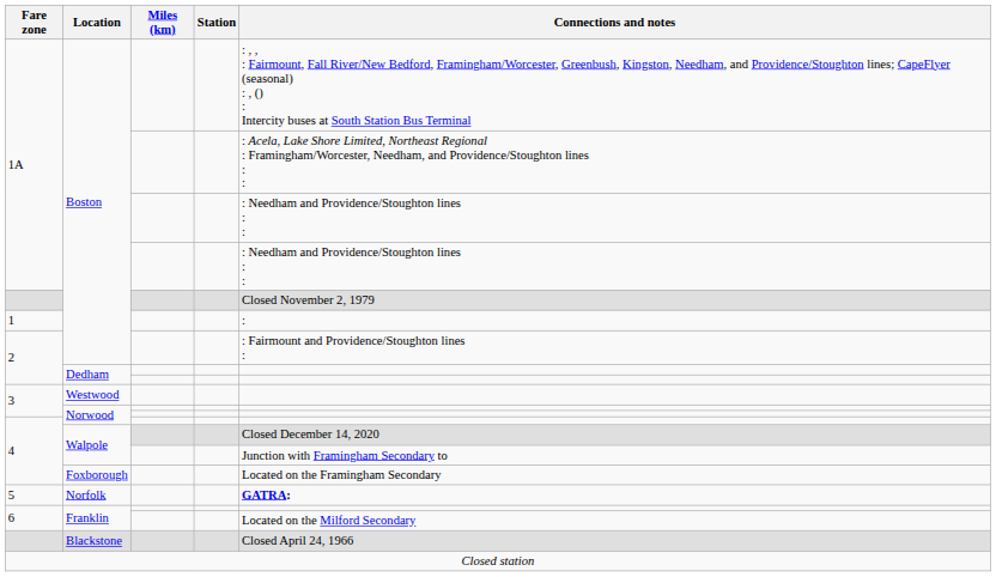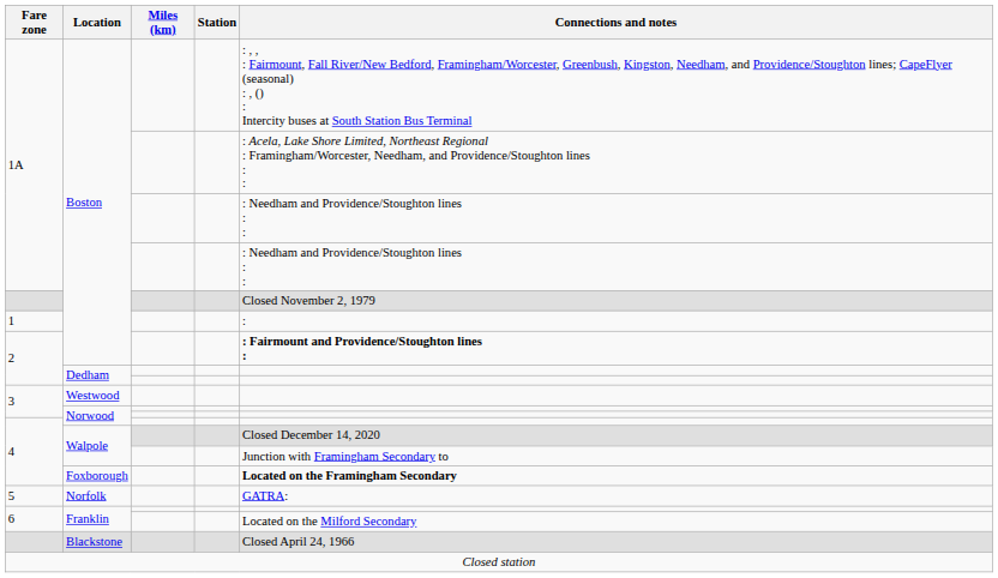 <table class="wikitable">
 <tr>
 <th>Fare zone</th>
 <th>Location</th>
 <th><a href='#'>Miles (km)</a></th>
 <th>Station</th>
 <th>Connections and notes</th>
 </tr>
 <tr>
 <td rowspan="4">1A</td>
 <td rowspan="7"><a href='#'>Boston</a></td>
 <td></td>
 <td> </td>
 <td>: , , <br>: <a href='#'>Fairmount</a>, <a href='#'>Fall River/New Bedford</a>, <a href='#'>Framingham/Worcester</a>, <a href='#'>Greenbush</a>, <a href='#'>Kingston</a>, <a href='#'>Needham</a>, and <a href='#'>Providence/Stoughton</a> lines; <a href='#'>CapeFlyer</a> (seasonal)<br>: ,  ()<br>: <br> Intercity buses at <a href='#'>South Station Bus Terminal</a></td>
 </tr>
 <tr>
 <td></td>
 <td> </td>
 <td>: <em>Acela</em>, <em>Lake Shore Limited</em>, <em>Northeast Regional</em><br>: Framingham/Worcester, Needham, and Providence/Stoughton lines<br>: <br>: </td>
 </tr>
 <tr>
 <td></td>
 <td> </td>
 <td>: Needham and Providence/Stoughton lines<br>: <br>: </td>
 </tr>
 <tr>
 <td></td>
 <td> </td>
 <td>: Needham and Providence/Stoughton lines<br>: <br>: </td>
 </tr>
 <tr bgcolor=dfdfdf>
 <td></td>
 <td></td>
 <td></td>
 <td>Closed November 2, 1979</td>
 </tr>
 <tr>
 <td>1</td>
 <td></td>
 <td> </td>
 <td>: </td>
 </tr>
 <tr>
 <td rowspan="3">2</td>
 <td></td>
 <td> </td>
-<td>: Fairmount and Providence/Stoughton lines<br>: </td>
+<td><strong>: Fairmount and Providence/Stoughton lines<br>: </strong></td>
 </tr>
 <tr>
 <td rowspan="2"><a href='#'>Dedham</a></td>
 <td></td>
 <td></td>
 <td></td>
 </tr>
 <tr>
 <td></td>
 <td> </td>
 <td></td>
 </tr>
 <tr>
 <td rowspan="3">3</td>
 <td><a href='#'>Westwood</a></td>
 <td></td>
 <td></td>
 <td></td>
 </tr>
 <tr>
 <td rowspan="3"><a href='#'>Norwood</a></td>
 <td></td>
 <td> </td>
 <td></td>
 </tr>
 <tr>
 <td></td>
 <td> </td>
 <td></td>
 </tr>
 <tr>
 <td rowspan="4">4</td>
 <td></td>
 <td></td>
 <td></td>
 </tr>
 <tr>
 <td rowspan="2"><a href='#'>Walpole</a></td>
 <td bgcolor=dfdfdf></td>
 <td bgcolor=dfdfdf></td>
 <td bgcolor=dfdfdf>Closed December 14, 2020</td>
 </tr>
 <tr>
 <td></td>
 <td> </td>
 <td>Junction with <a href='#'>Framingham Secondary</a> to </td>
 </tr>
 <tr>
 <td><a href='#'>Foxborough</a></td>
 <td></td>
 <td> </td>
-<td>Located on the Framingham Secondary</td>
+<td><strong>Located on the Framingham Secondary</strong></td>
 </tr>
 <tr>
 <td>5</td>
 <td><a href='#'>Norfolk</a></td>
 <td></td>
 <td> </td>
-<td><strong> <a href='#'>GATRA</a>: </strong></td>
+<td> <a href='#'>GATRA</a>: </td>
 </tr>
 <tr>
 <td rowspan="2">6</td>
 <td rowspan="2"><a href='#'>Franklin</a></td>
 <td></td>
 <td> </td>
 <td></td>
 </tr>
 <tr>
 <td></td>
 <td> </td>
 <td>Located on the <a href='#'>Milford Secondary</a></td>
 </tr>
 <tr bgcolor=dfdfdf>
 <td></td>
 <td><a href='#'>Blackstone</a></td>
 <td></td>
 <td></td>
 <td>Closed April 24, 1966</td>
 </tr>
 <tr>
 <td colspan="5" align="center"><em> Closed station</em></td>
 </tr>
 </table>
